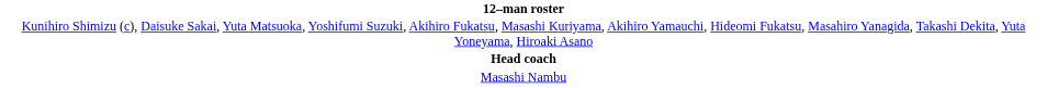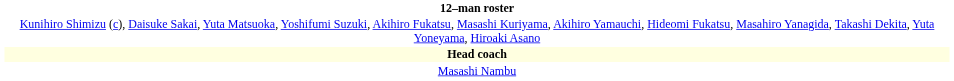 <table style="text-align:center; margin-top:2em; margin-left:auto; margin-right:auto">
 <tr>
 <td><strong>12–man roster</strong></td>
 </tr>
 <tr>
 <td><a href='#'>Kunihiro Shimizu</a> (<a href='#'>c</a>), <a href='#'>Daisuke Sakai</a>, <a href='#'>Yuta Matsuoka</a>, <a href='#'>Yoshifumi Suzuki</a>, <a href='#'>Akihiro Fukatsu</a>, <a href='#'>Masashi Kuriyama</a>, <a href='#'>Akihiro Yamauchi</a>, <a href='#'>Hideomi Fukatsu</a>, <a href='#'>Masahiro Yanagida</a>, <a href='#'>Takashi Dekita</a>, <a href='#'>Yuta Yoneyama</a>, <a href='#'>Hiroaki Asano</a></td>
 </tr>
 <tr>
-<td><strong>Head coach</strong></td>
+<td style="background: lightyellow;"><strong>Head coach</strong></td>
 </tr>
 <tr>
 <td><a href='#'>Masashi Nambu</a></td>
 </tr>
 </table>
